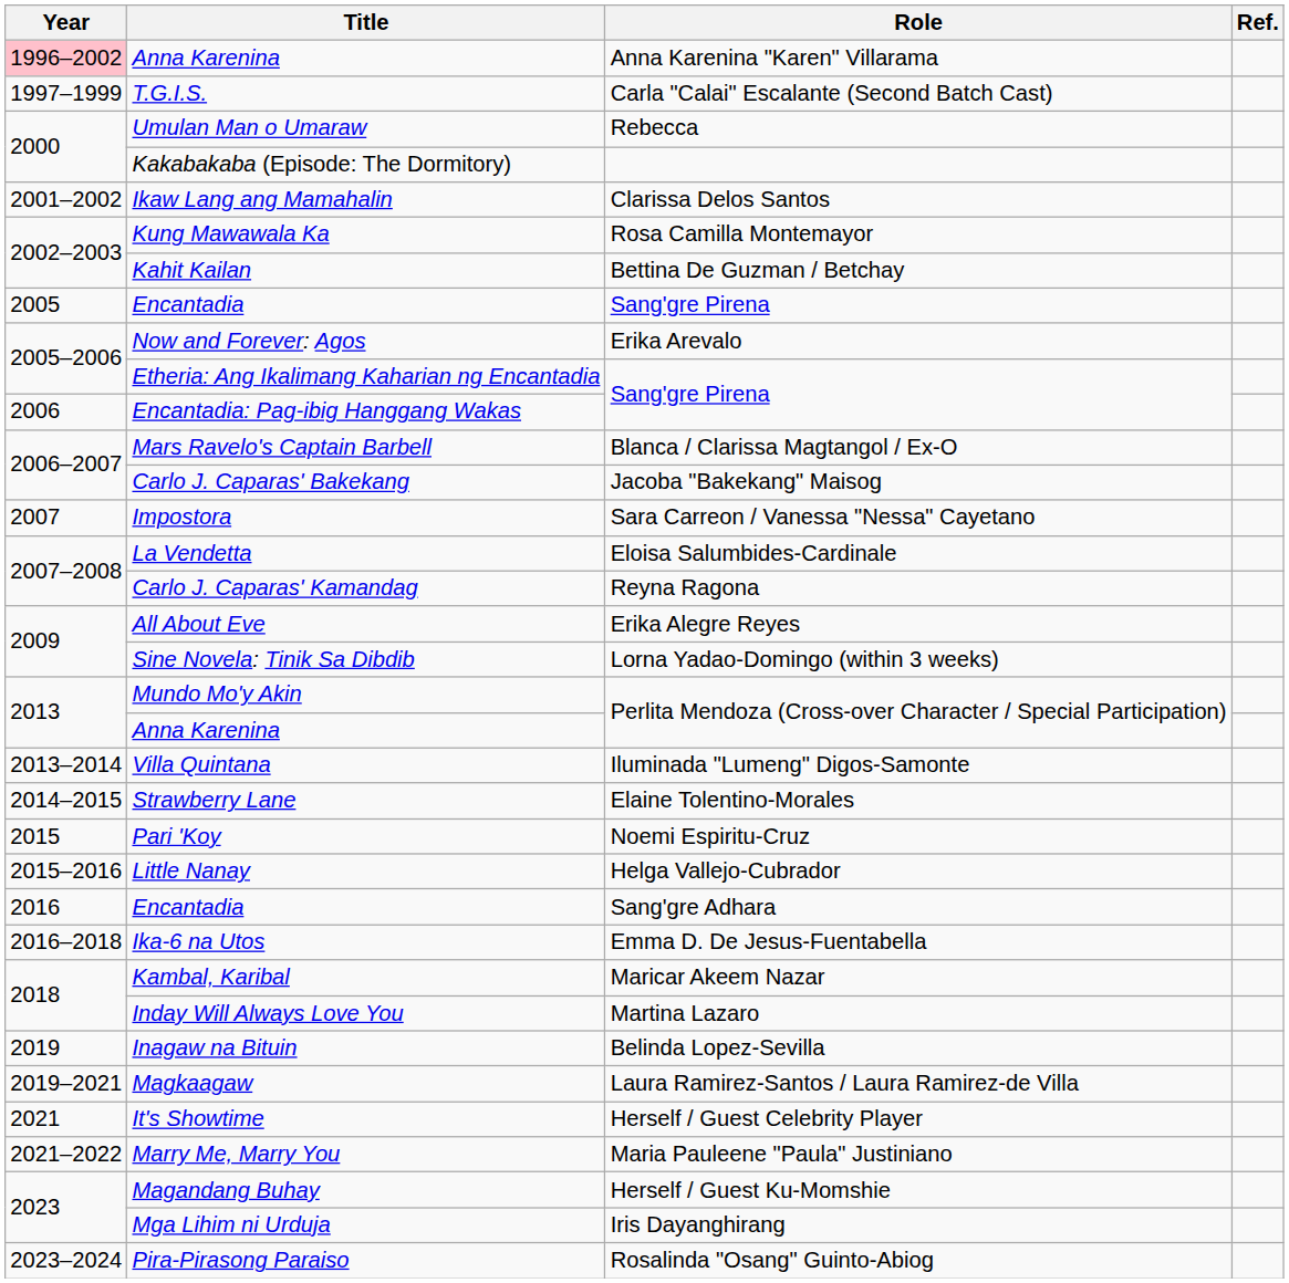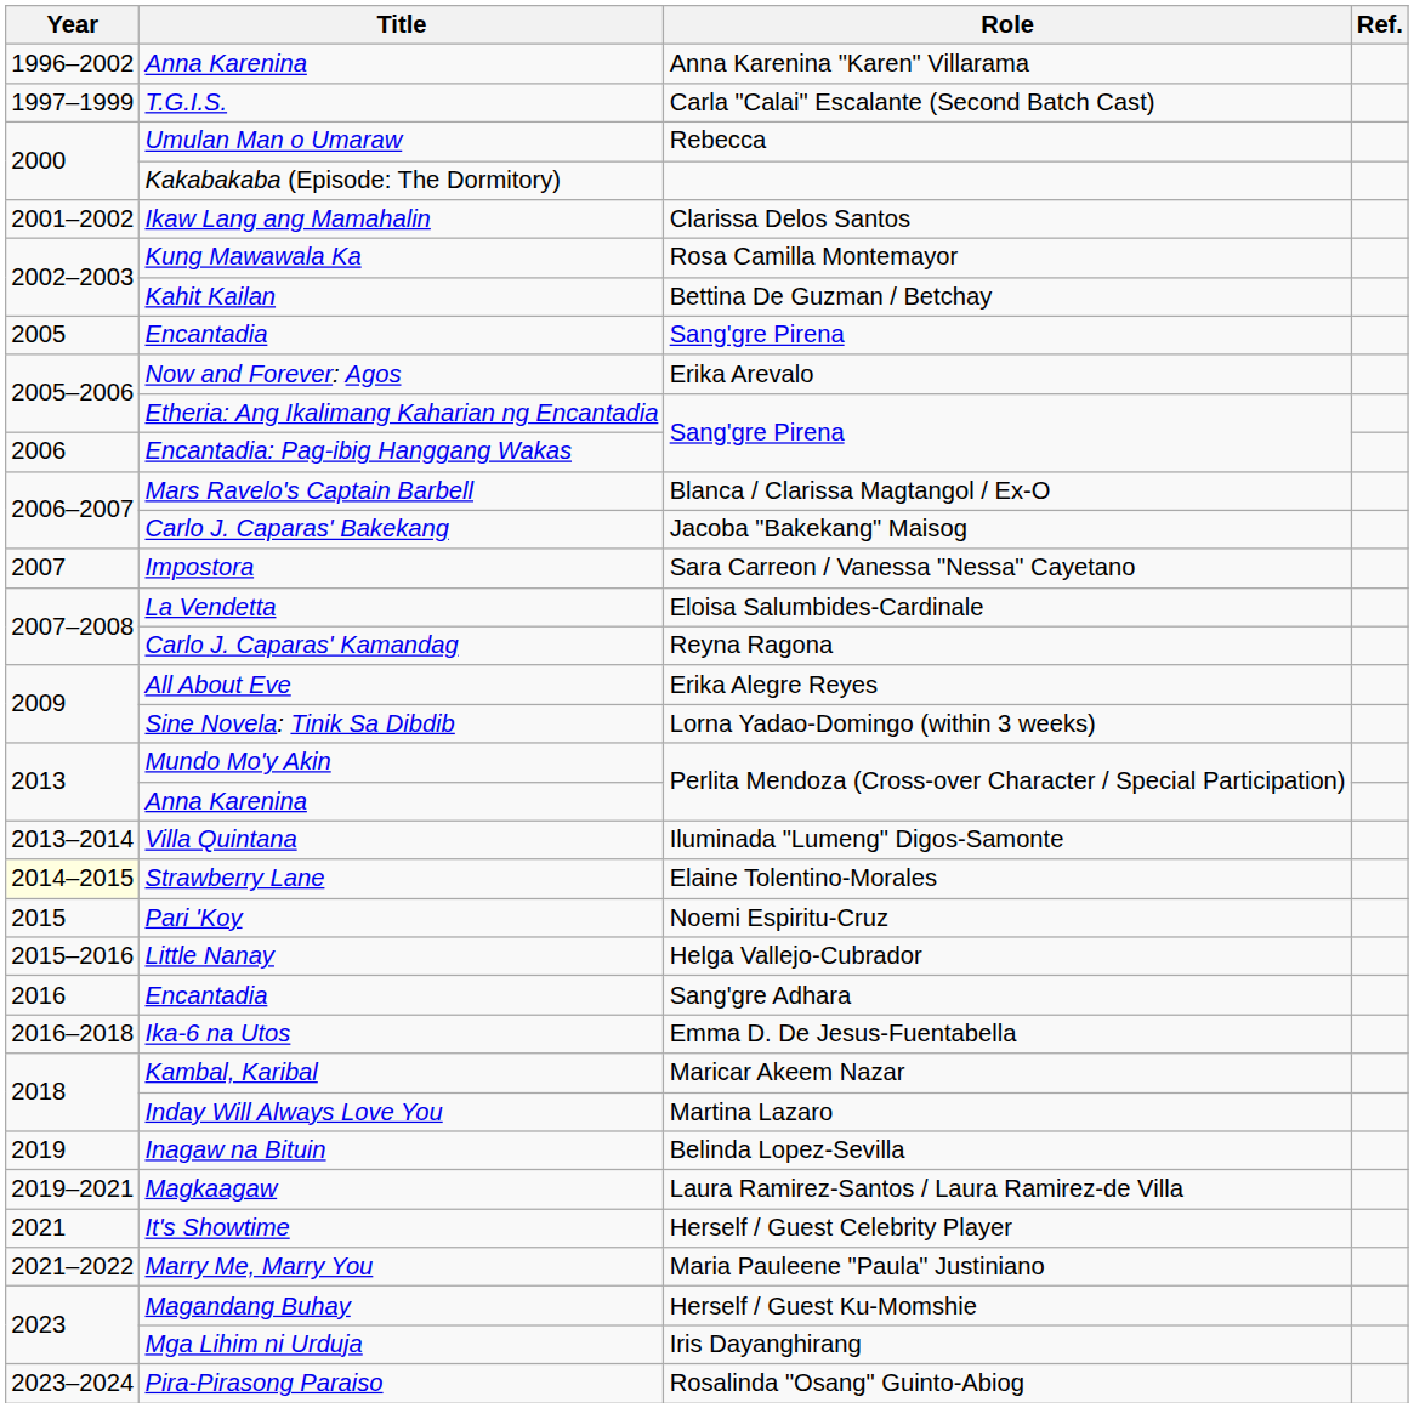 <table class="wikitable">
 <tr>
 <th>Year</th>
 <th>Title</th>
 <th>Role</th>
 <th>Ref.</th>
 </tr>
 <tr>
-<td style="background: pink;">1996–2002</td>
+<td>1996–2002</td>
 <td><em><a href='#'>Anna Karenina</a></em></td>
 <td>Anna Karenina "Karen" Villarama</td>
 <td></td>
 </tr>
 <tr>
 <td>1997–1999</td>
 <td><em><a href='#'>T.G.I.S.</a></em></td>
 <td>Carla "Calai" Escalante (Second Batch Cast)</td>
 <td></td>
 </tr>
 <tr>
 <td rowspan="2">2000</td>
 <td><em><a href='#'>Umulan Man o Umaraw</a></em></td>
 <td>Rebecca</td>
 <td></td>
 </tr>
 <tr>
 <td><em>Kakabakaba</em> (Episode: The Dormitory)</td>
 <td></td>
 </tr>
 <tr>
 <td>2001–2002</td>
 <td><em><a href='#'>Ikaw Lang ang Mamahalin</a></em></td>
 <td>Clarissa Delos Santos</td>
 <td></td>
 </tr>
 <tr>
 <td rowspan="2">2002–2003</td>
 <td><em><a href='#'>Kung Mawawala Ka</a></em></td>
 <td>Rosa Camilla Montemayor</td>
 <td></td>
 </tr>
 <tr>
 <td><em><a href='#'>Kahit Kailan</a></em></td>
 <td>Bettina De Guzman / Betchay</td>
 <td></td>
 </tr>
 <tr>
 <td>2005</td>
 <td><em><a href='#'>Encantadia</a></em></td>
 <td><a href='#'>Sang'gre Pirena</a></td>
 <td></td>
 </tr>
 <tr>
 <td rowspan="2">2005–2006</td>
 <td><em><a href='#'>Now and Forever</a>: <a href='#'>Agos</a></em></td>
 <td>Erika Arevalo</td>
 <td></td>
 </tr>
 <tr>
 <td><em><a href='#'>Etheria: Ang Ikalimang Kaharian ng Encantadia</a></em></td>
 <td rowspan="2"><a href='#'>Sang'gre Pirena</a></td>
 <td></td>
 </tr>
 <tr>
 <td>2006</td>
 <td><em><a href='#'>Encantadia: Pag-ibig Hanggang Wakas</a></em></td>
 <td></td>
 </tr>
 <tr>
 <td rowspan="2">2006–2007</td>
 <td><em><a href='#'>Mars Ravelo's Captain Barbell</a></em></td>
 <td>Blanca / Clarissa Magtangol / Ex-O</td>
 <td></td>
 </tr>
 <tr>
 <td><em><a href='#'>Carlo J. Caparas' Bakekang</a></em></td>
 <td>Jacoba "Bakekang" Maisog</td>
 <td></td>
 </tr>
 <tr>
 <td>2007</td>
 <td><em><a href='#'>Impostora</a></em></td>
 <td>Sara Carreon / Vanessa "Nessa" Cayetano</td>
 <td></td>
 </tr>
 <tr>
 <td rowspan="2">2007–2008</td>
 <td><em><a href='#'>La Vendetta</a></em></td>
 <td>Eloisa Salumbides-Cardinale</td>
 <td></td>
 </tr>
 <tr>
 <td><em><a href='#'>Carlo J. Caparas' Kamandag</a></em></td>
 <td>Reyna Ragona</td>
 <td></td>
 </tr>
 <tr>
 <td rowspan="2">2009</td>
 <td><em><a href='#'>All About Eve</a></em></td>
 <td>Erika Alegre Reyes</td>
 <td></td>
 </tr>
 <tr>
 <td><em><a href='#'>Sine Novela</a>: <a href='#'>Tinik Sa Dibdib</a></em></td>
 <td>Lorna Yadao-Domingo (within 3 weeks)</td>
 <td></td>
 </tr>
 <tr>
 <td rowspan="2">2013</td>
 <td><em><a href='#'>Mundo Mo'y Akin</a></em></td>
 <td rowspan="2">Perlita Mendoza (Cross-over Character / Special Participation)</td>
 <td></td>
 </tr>
 <tr>
 <td><em><a href='#'>Anna Karenina</a></em></td>
 <td></td>
 </tr>
 <tr>
 <td>2013–2014</td>
 <td><em><a href='#'>Villa Quintana</a></em></td>
 <td>Iluminada "Lumeng" Digos-Samonte</td>
 <td></td>
 </tr>
 <tr>
-<td>2014–2015</td>
+<td style="background: lightyellow;">2014–2015</td>
 <td><em><a href='#'>Strawberry Lane</a></em></td>
 <td>Elaine Tolentino-Morales</td>
 <td></td>
 </tr>
 <tr>
 <td>2015</td>
 <td><em><a href='#'>Pari 'Koy</a></em></td>
 <td>Noemi Espiritu-Cruz</td>
 <td></td>
 </tr>
 <tr>
 <td>2015–2016</td>
 <td><em><a href='#'>Little Nanay</a></em></td>
 <td>Helga Vallejo-Cubrador</td>
 <td></td>
 </tr>
 <tr>
 <td>2016</td>
 <td><em><a href='#'>Encantadia</a></em></td>
 <td>Sang'gre Adhara</td>
 <td></td>
 </tr>
 <tr>
 <td>2016–2018</td>
 <td><em><a href='#'>Ika-6 na Utos</a></em></td>
 <td>Emma D. De Jesus-Fuentabella</td>
 <td></td>
 </tr>
 <tr>
 <td rowspan="2">2018</td>
 <td><em><a href='#'>Kambal, Karibal</a></em></td>
 <td>Maricar Akeem Nazar</td>
 <td></td>
 </tr>
 <tr>
 <td><em><a href='#'>Inday Will Always Love You</a></em></td>
 <td>Martina Lazaro</td>
 <td></td>
 </tr>
 <tr>
 <td>2019</td>
 <td><em><a href='#'>Inagaw na Bituin</a></em></td>
 <td>Belinda Lopez-Sevilla</td>
 <td></td>
 </tr>
 <tr>
 <td>2019–2021</td>
 <td><em><a href='#'>Magkaagaw</a></em></td>
 <td>Laura Ramirez-Santos / Laura Ramirez-de Villa</td>
 </tr>
 <tr>
 <td>2021</td>
 <td><em><a href='#'>It's Showtime</a></em></td>
 <td>Herself / Guest Celebrity Player</td>
 <td></td>
 </tr>
 <tr>
 <td>2021–2022</td>
 <td><em><a href='#'>Marry Me, Marry You</a></em></td>
 <td>Maria Pauleene "Paula" Justiniano</td>
 <td></td>
 </tr>
 <tr>
 <td rowspan="2">2023</td>
 <td><em><a href='#'>Magandang Buhay</a></em></td>
 <td>Herself / Guest Ku-Momshie</td>
 </tr>
 <tr>
 <td><em><a href='#'>Mga Lihim ni Urduja</a></em></td>
 <td>Iris Dayanghirang</td>
 <td></td>
 </tr>
 <tr>
 <td>2023–2024</td>
 <td><em><a href='#'>Pira-Pirasong Paraiso</a></em></td>
 <td>Rosalinda "Osang" Guinto-Abiog</td>
 <td></td>
 </tr>
 </table>
